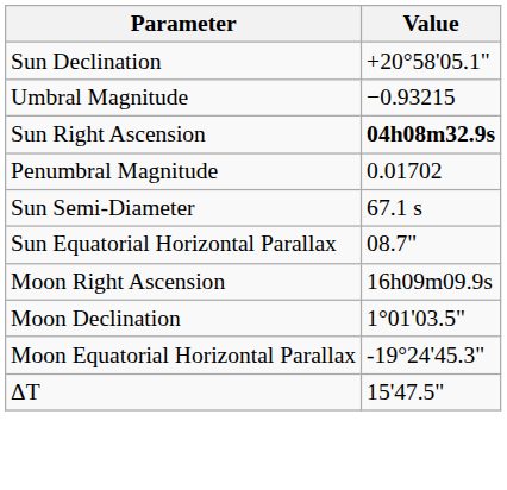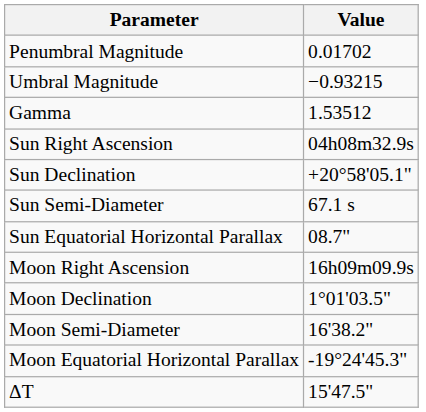 <table class="wikitable">
 <tr>
 <th>Parameter</th>
 <th>Value</th>
 </tr>
 <tr>
-<td>Sun Declination</td>
-<td>+20°58'05.1"</td>
+<td>Penumbral Magnitude</td>
+<td>0.01702</td>
 </tr>
 <tr>
 <td>Umbral Magnitude</td>
 <td>−0.93215</td>
 </tr>
 <tr>
-<td>Sun Right Ascension</td>
-<td><strong>04h08m32.9s</strong></td>
+<td>Gamma</td>
+<td>1.53512</td>
 </tr>
 <tr>
-<td>Penumbral Magnitude</td>
-<td>0.01702</td>
+<td>Sun Right Ascension</td>
+<td>04h08m32.9s</td>
+</tr>
+<tr>
+<td>Sun Declination</td>
+<td>+20°58'05.1"</td>
 </tr>
 <tr>
 <td>Sun Semi-Diameter</td>
 <td>67.1 s</td>
 </tr>
 <tr>
 <td>Sun Equatorial Horizontal Parallax</td>
 <td>08.7"</td>
 </tr>
 <tr>
 <td>Moon Right Ascension</td>
 <td>16h09m09.9s</td>
 </tr>
 <tr>
 <td>Moon Declination</td>
 <td>1°01'03.5"</td>
 </tr>
 <tr>
+<td>Moon Semi-Diameter</td>
+<td>16'38.2"</td>
+</tr>
+<tr>
 <td>Moon Equatorial Horizontal Parallax</td>
 <td>-19°24'45.3"</td>
 </tr>
 <tr>
 <td>ΔT</td>
 <td>15'47.5"</td>
 </tr>
 </table>
